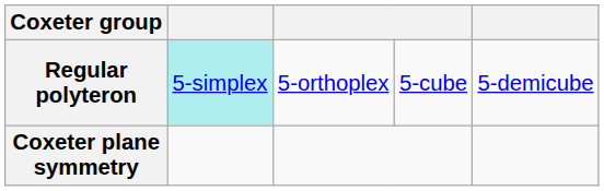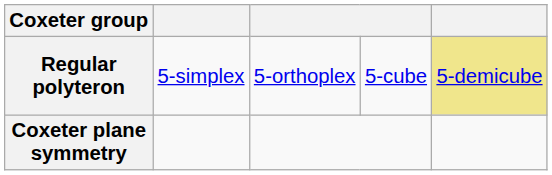 <table class=wikitable>
 <tr>
 <th>Coxeter group</th>
 <th></th>
 <th colspan=2></th>
 <th></th>
 </tr>
 <tr align=center>
 <th>Regular<br>polyteron</th>
-<td style="background: paleturquoise;"><br><a href='#'>5-simplex</a><br><br></td>
+<td><br><a href='#'>5-simplex</a><br><br></td>
 <td><br><a href='#'>5-orthoplex</a><br><br></td>
 <td><br><a href='#'>5-cube</a><br><br></td>
-<td><br><a href='#'>5-demicube</a><br><br></td>
+<td style="background: khaki;"><br><a href='#'>5-demicube</a><br><br></td>
 </tr>
 <tr align=center>
 <th>Coxeter plane<br>symmetry</th>
 <td></td>
 <td colspan=2></td>
 <td></td>
 </tr>
 </table>
